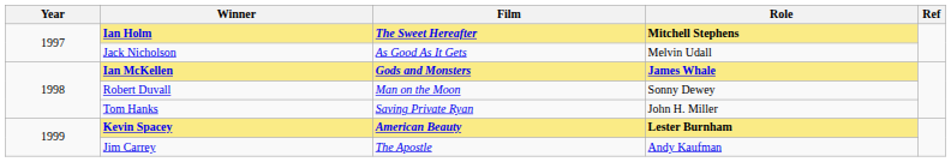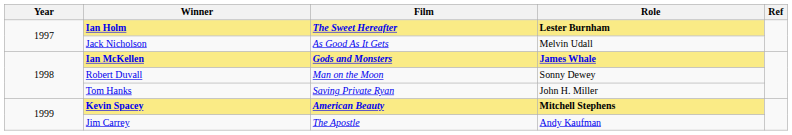 <table class="wikitable" width="100%" cellpadding="5">
 <tr>
 <th width="100"><strong>Year</strong></th>
 <th width="300"><strong>Winner</strong></th>
 <th width="300"><strong>Film</strong></th>
 <th width="300"><strong>Role</strong></th>
 <th width="15"><strong>Ref</strong></th>
 </tr>
 <tr>
 <td style="text-align:center;" rowspan=2>1997</td>
 <td style="background:#FAEB86;"><strong><a href='#'>Ian Holm</a></strong></td>
 <td style="background:#FAEB86;"><strong><em><a href='#'>The Sweet Hereafter</a></em></strong></td>
-<td style="background:#FAEB86;"><strong>Mitchell Stephens</strong></td>
+<td style="background:#FAEB86;"><strong>Lester Burnham</strong></td>
 <td rowspan=2></td>
 </tr>
 <tr>
 <td><a href='#'>Jack Nicholson</a></td>
 <td><em><a href='#'>As Good As It Gets</a></em></td>
 <td>Melvin Udall</td>
 </tr>
 <tr>
 <td style="text-align:center;" rowspan=3>1998</td>
 <td style="background:#FAEB86;"><strong><a href='#'>Ian McKellen</a></strong></td>
 <td style="background:#FAEB86;"><strong><em><a href='#'>Gods and Monsters</a></em></strong></td>
 <td style="background:#FAEB86;"><strong><a href='#'>James Whale</a></strong></td>
 <td rowspan=3></td>
 </tr>
 <tr>
 <td><a href='#'>Robert Duvall</a></td>
 <td><em><a href='#'>Man on the Moon</a></em></td>
 <td>Sonny Dewey</td>
 </tr>
 <tr>
 <td><a href='#'>Tom Hanks</a></td>
 <td><em><a href='#'>Saving Private Ryan</a></em></td>
 <td>John H. Miller</td>
 </tr>
 <tr>
 <td style="text-align:center;" rowspan=2>1999</td>
 <td style="background:#FAEB86;"><strong><a href='#'>Kevin Spacey</a></strong></td>
 <td style="background:#FAEB86;"><strong><em><a href='#'>American Beauty</a></em></strong></td>
-<td style="background:#FAEB86;"><strong>Lester Burnham</strong></td>
+<td style="background:#FAEB86;"><strong>Mitchell Stephens</strong></td>
 <td rowspan=2></td>
 </tr>
 <tr>
 <td><a href='#'>Jim Carrey</a></td>
 <td><em><a href='#'>The Apostle</a></em></td>
 <td><a href='#'>Andy Kaufman</a></td>
 </tr>
 </table>
